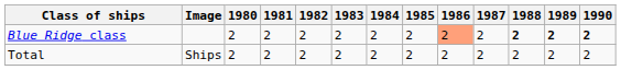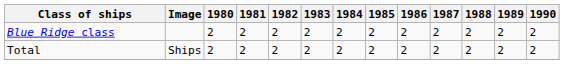 <table class="wikitable sortable collapsible collapsed">
 <tr>
 <th style="width:29%;">Class of ships</th>
 <th>Image</th>
 <th>1980</th>
 <th>1981</th>
 <th>1982</th>
 <th>1983</th>
 <th>1984</th>
 <th>1985</th>
 <th>1986</th>
 <th>1987</th>
 <th>1988</th>
 <th>1989</th>
 <th>1990</th>
 </tr>
 <tr valign="top">
 <td><a href='#'><em>Blue Ridge</em> class</a></td>
 <td></td>
 <td>2</td>
 <td>2</td>
 <td>2</td>
 <td>2</td>
 <td>2</td>
 <td>2</td>
-<td style="background: lightsalmon;">2</td>
 <td>2</td>
-<td><strong>2</strong></td>
-<td><strong>2</strong></td>
-<td><strong>2</strong></td>
+<td>2</td>
+<td>2</td>
+<td>2</td>
+<td>2</td>
 </tr>
 <tr valign="top">
 <td>Total</td>
 <td>Ships</td>
 <td>2</td>
 <td>2</td>
 <td>2</td>
 <td>2</td>
 <td>2</td>
 <td>2</td>
 <td>2</td>
 <td>2</td>
 <td>2</td>
 <td>2</td>
 <td>2</td>
 </tr>
 <tr>
 </tr>
 </table>
